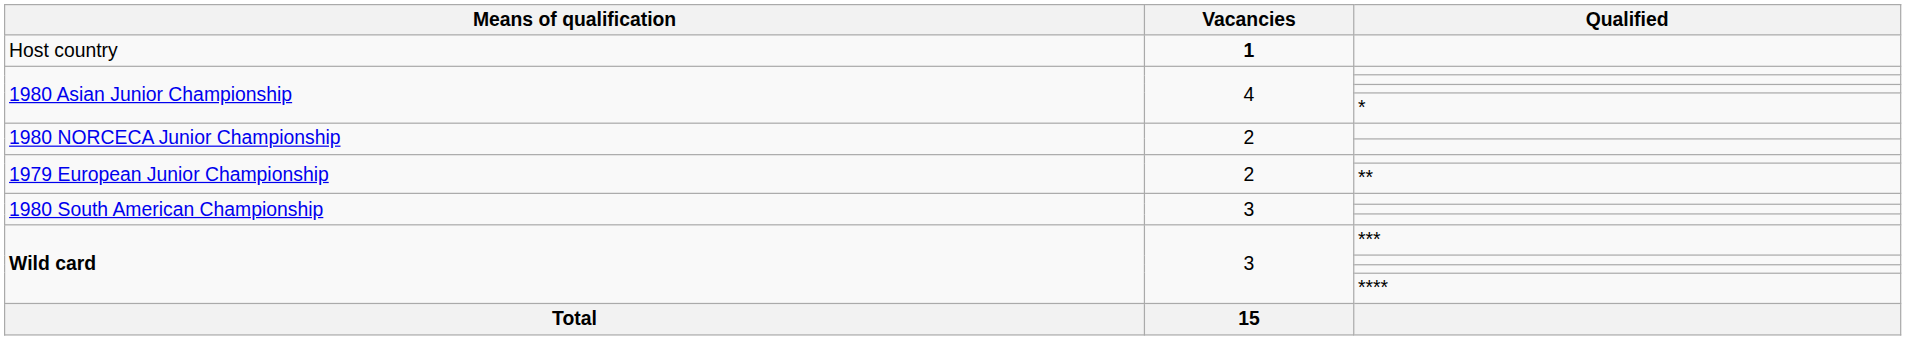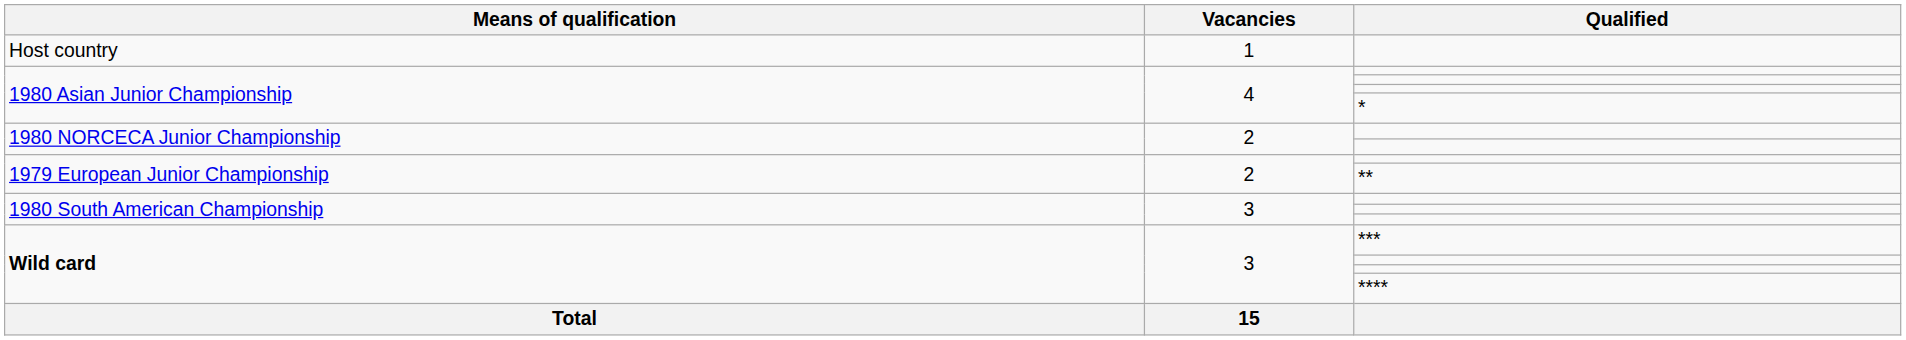 <table class="wikitable">
 <tr>
 <th width=25%>Means of qualification</th>
 <th width=4%>Vacancies</th>
 <th width=12%>Qualified</th>
 </tr>
 <tr>
 <td>Host country</td>
-<td align=center><strong>1</strong></td>
+<td align=center>1</td>
 <td></td>
 </tr>
 <tr>
 <td rowspan=4><a href='#'>1980 Asian Junior Championship</a></td>
 <td rowspan=4 align=center>4</td>
 <td></td>
 </tr>
 <tr>
 <td></td>
 </tr>
 <tr>
 <td></td>
 </tr>
 <tr>
 <td> *</td>
 </tr>
 <tr>
 <td rowspan=2><a href='#'>1980 NORCECA Junior Championship</a></td>
 <td rowspan=2 align=center>2</td>
 <td></td>
 </tr>
 <tr>
 <td></td>
 </tr>
 <tr>
 <td rowspan=2><a href='#'>1979 European Junior Championship</a></td>
 <td rowspan=2 align=center>2</td>
 <td></td>
 </tr>
 <tr>
 <td> **</td>
 </tr>
 <tr>
 <td rowspan=3><a href='#'>1980 South American Championship</a></td>
 <td rowspan=3 align=center>3</td>
 <td></td>
 </tr>
 <tr>
 <td></td>
 </tr>
 <tr>
 <td></td>
 </tr>
 <tr>
 <td rowspan=4><strong>Wild card</strong></td>
 <td rowspan=4 align=center>3</td>
 <td> ***</td>
 </tr>
 <tr>
 <td></td>
 </tr>
 <tr>
 <td></td>
 </tr>
 <tr>
 <td><s></s> ****</td>
 </tr>
 <tr>
 <th>Total</th>
 <th align=center>15</th>
 <th></th>
 </tr>
 </table>
